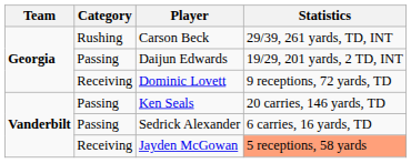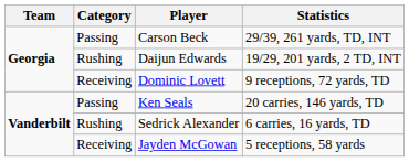 <table class="wikitable" style="float: right;">
 <tr>
 <th>Team</th>
 <th>Category</th>
 <th>Player</th>
 <th>Statistics</th>
 </tr>
 <tr>
 <td rowspan=3><strong>Georgia</strong></td>
-<td>Rushing</td>
+<td>Passing</td>
 <td>Carson Beck</td>
 <td>29/39, 261 yards, TD, INT</td>
 </tr>
 <tr>
-<td>Passing</td>
+<td>Rushing</td>
 <td>Daijun Edwards</td>
 <td>19/29, 201 yards, 2 TD, INT</td>
 </tr>
 <tr>
 <td>Receiving</td>
 <td><a href='#'>Dominic Lovett</a></td>
 <td>9 receptions, 72 yards, TD</td>
 </tr>
 <tr>
 <td rowspan=3><strong>Vanderbilt</strong></td>
 <td>Passing</td>
 <td><a href='#'>Ken Seals</a></td>
 <td>20 carries, 146 yards, TD</td>
 </tr>
 <tr>
-<td>Passing</td>
+<td>Rushing</td>
 <td>Sedrick Alexander</td>
 <td>6 carries, 16 yards, TD</td>
 </tr>
 <tr>
 <td>Receiving</td>
 <td><a href='#'>Jayden McGowan</a></td>
-<td style="background: lightsalmon;">5 receptions, 58 yards</td>
+<td>5 receptions, 58 yards</td>
 </tr>
 </table>
